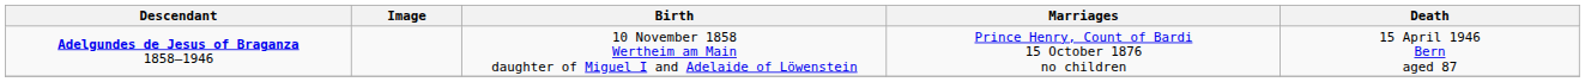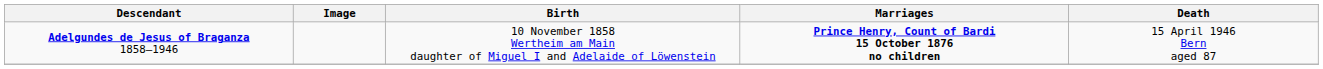 <table style="text-align:center; width:100%" class="wikitable">
 <tr>
 <th width=22%>Descendant</th>
 <th width=105px>Image</th>
 <th>Birth</th>
 <th width=25%>Marriages</th>
 <th width=19%>Death</th>
 </tr>
 <tr>
 <td><strong><a href='#'>Adelgundes de Jesus of Braganza</a></strong><br>1858–1946</td>
 <td></td>
 <td>10 November 1858<br><a href='#'>Wertheim am Main</a><br>daughter of <a href='#'>Miguel I</a> and <a href='#'>Adelaide of Löwenstein</a></td>
-<td><a href='#'>Prince Henry, Count of Bardi</a><br>15 October 1876 <br>no children</td>
+<td><strong><a href='#'>Prince Henry, Count of Bardi</a><br>15 October 1876 <br>no children</strong></td>
 <td>15 April 1946<br><a href='#'>Bern</a><br>aged 87</td>
 </tr>
 <tr>
 </tr>
 </table>
